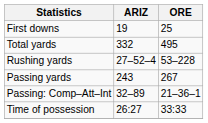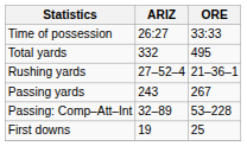 <table class="wikitable" style="float: left;">
 <tr>
 <th>Statistics</th>
 <th>ARIZ</th>
 <th>ORE</th>
 </tr>
 <tr>
-<td>First downs</td>
-<td>19</td>
-<td>25</td>
+<td>Time of possession</td>
+<td>26:27</td>
+<td>33:33</td>
 </tr>
 <tr>
 <td>Total yards</td>
 <td>332</td>
 <td>495</td>
 </tr>
 <tr>
 <td>Rushing yards</td>
 <td>27–52–4</td>
-<td>53–228</td>
+<td>21–36–1</td>
 </tr>
 <tr>
 <td>Passing yards</td>
 <td>243</td>
 <td>267</td>
 </tr>
 <tr>
 <td>Passing: Comp–Att–Int</td>
 <td>32–89</td>
-<td>21–36–1</td>
+<td>53–228</td>
 </tr>
 <tr>
-<td>Time of possession</td>
-<td>26:27</td>
-<td>33:33</td>
+<td>First downs</td>
+<td>19</td>
+<td>25</td>
 </tr>
 <tr>
 </tr>
 </table>
